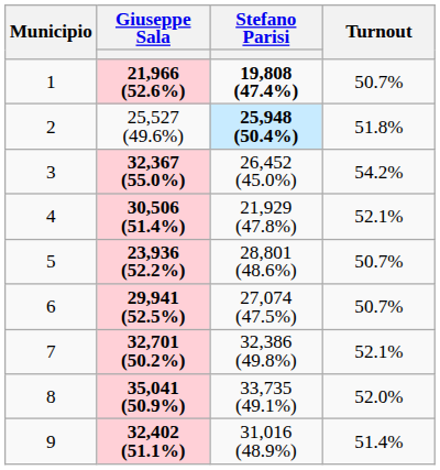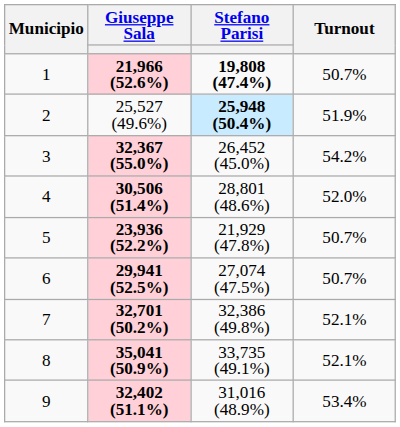 <table class="wikitable" style="text-align:center; font-size:85%; line-height:13px">
 <tr style="height:30px; background-color:#E9E9E9">
 <th style="width:30px;" rowspan="2">Municipio</th>
 <th style="width:75px;"><a href='#'>Giuseppe Sala</a></th>
 <th style="width:75px;"><a href='#'>Stefano Parisi</a></th>
 <th rowspan="2" style="width:75px;">Turnout</th>
 </tr>
 <tr>
 <th style="background:"></th>
 <th style="background:"></th>
 </tr>
 <tr>
 <td>1</td>
 <td style="background:#FFD0D7"><strong>21,966 <br>(52.6%)</strong></td>
 <td><strong>19,808 <br>(47.4%)</strong></td>
 <td>50.7%</td>
 </tr>
 <tr>
 <td>2</td>
 <td>25,527 <br>(49.6%)</td>
 <td style="background:#C8EBFF"><strong>25,948 <br>(50.4%)</strong></td>
-<td>51.8%</td>
+<td>51.9%</td>
 </tr>
 <tr>
 <td>3</td>
 <td style="background:#FFD0D7"><strong>32,367 <br>(55.0%)</strong></td>
 <td>26,452 <br>(45.0%)</td>
 <td>54.2%</td>
 </tr>
 <tr>
 <td>4</td>
 <td style="background:#FFD0D7"><strong>30,506 <br>(51.4%)</strong></td>
-<td>21,929 <br>(47.8%)</td>
-<td>52.1%</td>
+<td>28,801 <br>(48.6%)</td>
+<td>52.0%</td>
 </tr>
 <tr>
 <td>5</td>
 <td style="background:#FFD0D7"><strong>23,936 <br>(52.2%)</strong></td>
-<td>28,801 <br>(48.6%)</td>
+<td>21,929 <br>(47.8%)</td>
 <td>50.7%</td>
 </tr>
 <tr>
 <td>6</td>
 <td style="background:#FFD0D7"><strong>29,941 <br>(52.5%)</strong></td>
 <td>27,074 <br>(47.5%)</td>
 <td>50.7%</td>
 </tr>
 <tr>
 <td>7</td>
 <td style="background:#FFD0D7"><strong>32,701 <br>(50.2%)</strong></td>
 <td>32,386 <br>(49.8%)</td>
 <td>52.1%</td>
 </tr>
 <tr>
 <td>8</td>
 <td style="background:#FFD0D7"><strong>35,041 <br>(50.9%)</strong></td>
 <td>33,735 <br>(49.1%)</td>
-<td>52.0%</td>
+<td>52.1%</td>
 </tr>
 <tr>
 <td>9</td>
 <td style="background:#FFD0D7"><strong>32,402 <br>(51.1%)</strong></td>
 <td>31,016 <br>(48.9%)</td>
-<td>51.4%</td>
+<td>53.4%</td>
 </tr>
 </table>
